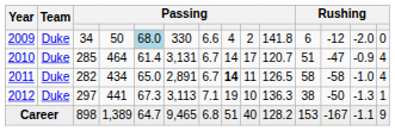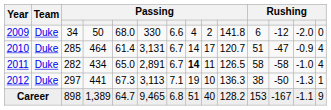 <table class="wikitable sortable" style="text-align:center;">
 <tr>
 <th rowspan=2>Year</th>
 <th rowspan=2>Team</th>
 <th colspan=8>Passing</th>
 <th colspan=4>Rushing</th>
 </tr>
 <tr>
 <th></th>
 <th></th>
 <th></th>
 <th></th>
 <th></th>
 <th></th>
 <th></th>
 <th></th>
 <th></th>
 <th></th>
 <th></th>
 <th></th>
 </tr>
 <tr>
 <td><a href='#'>2009</a></td>
 <td><a href='#'>Duke</a></td>
 <td>34</td>
 <td>50</td>
-<td style="background: lightblue;">68.0</td>
+<td>68.0</td>
 <td>330</td>
 <td>6.6</td>
 <td>4</td>
 <td>2</td>
 <td>141.8</td>
 <td>6</td>
 <td>-12</td>
 <td>-2.0</td>
 <td>0</td>
 </tr>
 <tr>
 <td><a href='#'>2010</a></td>
 <td><a href='#'>Duke</a></td>
 <td>285</td>
 <td>464</td>
 <td>61.4</td>
 <td>3,131</td>
 <td>6.7</td>
 <td>14</td>
 <td>17</td>
 <td>120.7</td>
 <td>51</td>
 <td>-47</td>
 <td>-0.9</td>
 <td>4</td>
 </tr>
 <tr>
 <td><a href='#'>2011</a></td>
 <td><a href='#'>Duke</a></td>
 <td>282</td>
 <td>434</td>
 <td>65.0</td>
 <td>2,891</td>
 <td>6.7</td>
 <td><strong>14</strong></td>
 <td>11</td>
 <td>126.5</td>
 <td>58</td>
 <td>-58</td>
 <td>-1.0</td>
 <td>4</td>
 </tr>
 <tr>
 <td><a href='#'>2012</a></td>
 <td><a href='#'>Duke</a></td>
 <td>297</td>
 <td>441</td>
 <td>67.3</td>
 <td>3,113</td>
 <td>7.1</td>
 <td>19</td>
 <td>10</td>
 <td>136.3</td>
 <td>38</td>
 <td>-50</td>
 <td>-1.3</td>
 <td>1</td>
 </tr>
 <tr class="sortbottom" style="background:#eee;">
 <td colspan=2><strong>Career</strong></td>
 <td>898</td>
 <td>1,389</td>
 <td>64.7</td>
 <td>9,465</td>
 <td>6.8</td>
 <td>51</td>
 <td>40</td>
 <td>128.2</td>
 <td>153</td>
 <td>-167</td>
 <td>-1.1</td>
 <td>9</td>
 </tr>
 </table>
